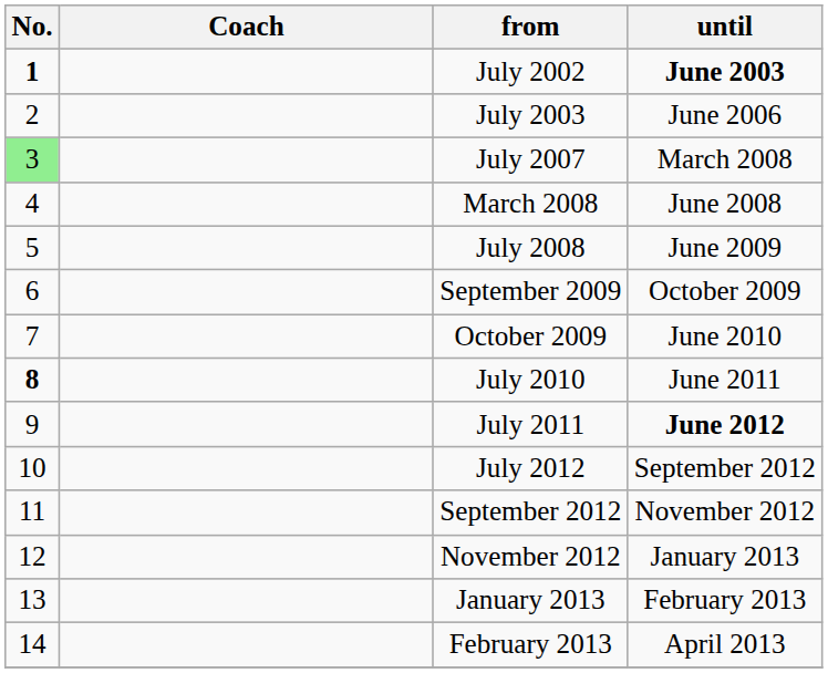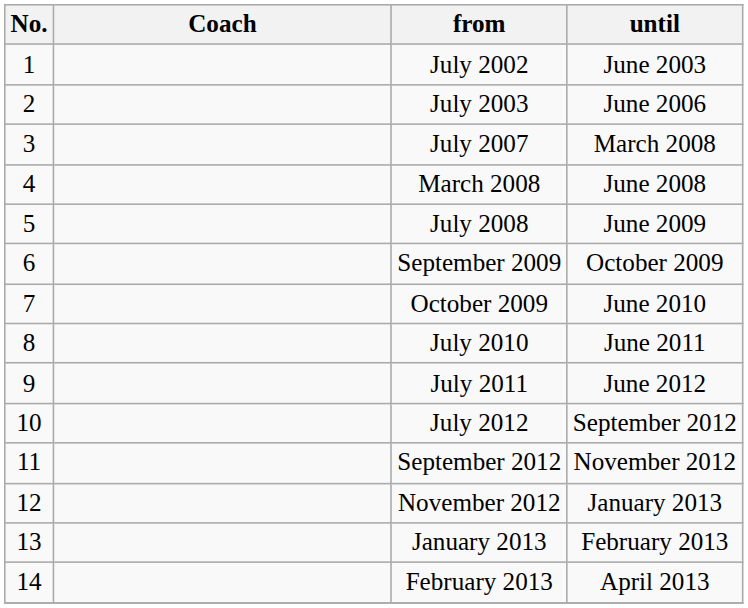 <table class="wikitable sortable" style="text-align:center">
 <tr>
 <th>No.</th>
 <th style="width:13em">Coach</th>
 <th>from</th>
 <th>until</th>
 </tr>
 <tr>
-<td><strong>1</strong></td>
+<td>1</td>
 <td align=left> </td>
 <td>July 2002</td>
-<td><strong>June 2003</strong></td>
+<td>June 2003</td>
 </tr>
 <tr>
 <td>2</td>
 <td align=left> </td>
 <td>July 2003</td>
 <td>June 2006</td>
 </tr>
 <tr>
-<td style="background: lightgreen;">3</td>
+<td>3</td>
 <td align=left> </td>
 <td>July 2007</td>
 <td>March 2008</td>
 </tr>
 <tr>
 <td>4</td>
 <td align=left> </td>
 <td>March 2008</td>
 <td>June 2008</td>
 </tr>
 <tr>
 <td>5</td>
 <td align=left> </td>
 <td>July 2008</td>
 <td>June 2009</td>
 </tr>
 <tr>
 <td>6</td>
 <td align=left> </td>
 <td>September 2009</td>
 <td>October 2009</td>
 </tr>
 <tr>
 <td>7</td>
 <td align=left> </td>
 <td>October 2009</td>
 <td>June 2010</td>
 </tr>
 <tr>
-<td><strong>8</strong></td>
+<td>8</td>
 <td align=left> </td>
 <td>July 2010</td>
 <td>June 2011</td>
 </tr>
 <tr>
 <td>9</td>
 <td align=left> </td>
 <td>July 2011</td>
-<td><strong>June 2012</strong></td>
+<td>June 2012</td>
 </tr>
 <tr>
 <td>10</td>
 <td align=left> </td>
 <td>July 2012</td>
 <td>September 2012</td>
 </tr>
 <tr>
 <td>11</td>
 <td align=left> </td>
 <td>September 2012</td>
 <td>November 2012</td>
 </tr>
 <tr>
 <td>12</td>
 <td align=left> </td>
 <td>November 2012</td>
 <td>January 2013</td>
 </tr>
 <tr>
 <td>13</td>
 <td align=left> </td>
 <td>January 2013</td>
 <td>February 2013</td>
 </tr>
 <tr>
 <td>14</td>
 <td align=left> </td>
 <td>February 2013</td>
 <td>April 2013</td>
 </tr>
 <tr>
 </tr>
 </table>
